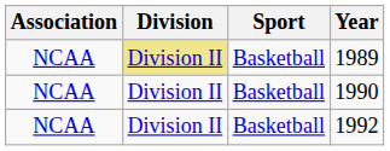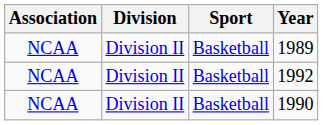 <table class="wikitable" style="text-align:center">
 <tr>
 <th>Association</th>
 <th>Division</th>
 <th>Sport</th>
 <th>Year</th>
 </tr>
 <tr align="center">
 <td rowspan="1"><a href='#'>NCAA</a></td>
-<td rowspan="1" style="background: khaki;"><a href='#'>Division II</a></td>
+<td rowspan="1"><a href='#'>Division II</a></td>
 <td rowspan="1"><a href='#'>Basketball</a></td>
 <td>1989</td>
 </tr>
 <tr align="center">
 <td rowspan="1"><a href='#'>NCAA</a></td>
 <td rowspan="1"><a href='#'>Division II</a></td>
 <td rowspan="1"><a href='#'>Basketball</a></td>
-<td>1990</td>
+<td>1992</td>
 </tr>
 <tr align="center">
 <td rowspan="1"><a href='#'>NCAA</a></td>
 <td rowspan="1"><a href='#'>Division II</a></td>
 <td rowspan="1"><a href='#'>Basketball</a></td>
-<td>1992</td>
+<td>1990</td>
 </tr>
 </table>
